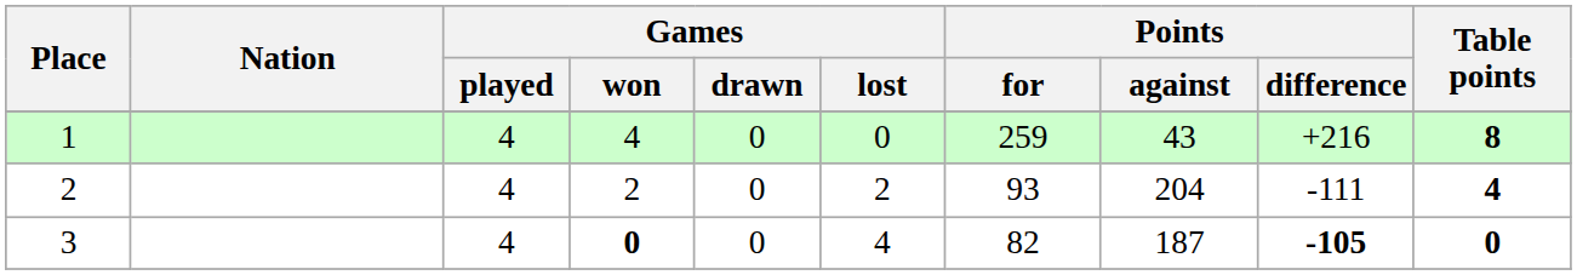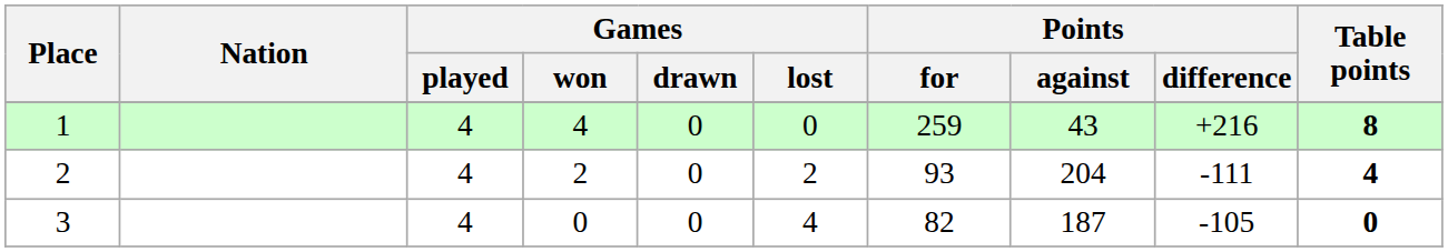 <table class="wikitable">
 <tr>
 <th rowspan=2 width="8%">Place</th>
 <th rowspan=2 width="20%">Nation</th>
 <th colspan=4 width="32%">Games</th>
 <th colspan=3 width="30%">Points</th>
 <th rowspan=2 width="10%">Table<br>points</th>
 </tr>
 <tr>
 <th width="8%">played</th>
 <th width="8%">won</th>
 <th width="8%">drawn</th>
 <th width="8%">lost</th>
 <th width="10%">for</th>
 <th width="10%">against</th>
 <th width="10%">difference</th>
 </tr>
 <tr>
 </tr>
 <tr bgcolor=#ccffcc align=center>
 <td>1</td>
 <td align=left></td>
 <td>4</td>
 <td>4</td>
 <td>0</td>
 <td>0</td>
 <td>259</td>
 <td>43</td>
 <td>+216</td>
 <td><strong>8</strong></td>
 </tr>
 <tr bgcolor=#ffffff align=center>
 <td>2</td>
 <td align=left></td>
 <td>4</td>
 <td>2</td>
 <td>0</td>
 <td>2</td>
 <td>93</td>
 <td>204</td>
 <td>-111</td>
 <td><strong>4</strong></td>
 </tr>
 <tr bgcolor=#ffffff align=center>
 <td>3</td>
 <td align=left></td>
 <td>4</td>
-<td><strong>0</strong></td>
+<td>0</td>
 <td>0</td>
 <td>4</td>
 <td>82</td>
 <td>187</td>
-<td><strong>-105</strong></td>
+<td>-105</td>
 <td><strong>0</strong></td>
 </tr>
 </table>
